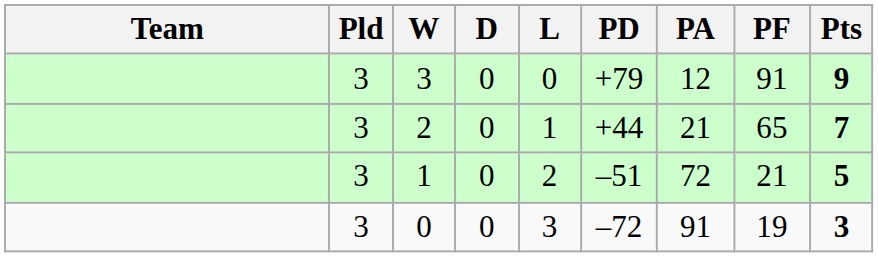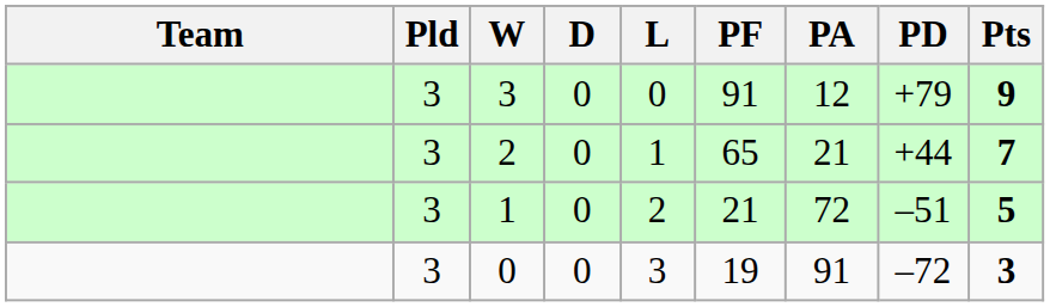 <table class="wikitable" style="text-align:center;">
 <tr>
 <th width="160">Team</th>
 <th width="25" abbr="Played">Pld</th>
 <th width="25" abbr="Won">W</th>
 <th width="25" abbr="Drawn">D</th>
 <th width="25" abbr="Lost">L</th>
+<th width="32" abbr="Points for">PF</th>
+<th width="32" abbr="Points against">PA</th>
 <th width="32" abbr="Points difference">PD</th>
-<th width="32" abbr="Points against">PA</th>
-<th width="32" abbr="Points for">PF</th>
 <th width="25" abbr="Points">Pts</th>
 </tr>
 <tr bgcolor="ccffcc">
 <td align="left"></td>
 <td>3</td>
 <td>3</td>
 <td>0</td>
 <td>0</td>
+<td>91</td>
+<td>12</td>
 <td>+79</td>
-<td>12</td>
-<td>91</td>
 <td><strong>9</strong></td>
 </tr>
 <tr bgcolor="ccffcc">
 <td align="left"></td>
 <td>3</td>
 <td>2</td>
 <td>0</td>
 <td>1</td>
+<td>65</td>
+<td>21</td>
 <td>+44</td>
-<td>21</td>
-<td>65</td>
 <td><strong>7</strong></td>
 </tr>
 <tr bgcolor="ccffcc">
 <td align="left"></td>
 <td>3</td>
 <td>1</td>
 <td>0</td>
 <td>2</td>
+<td>21</td>
+<td>72</td>
 <td>–51</td>
-<td>72</td>
-<td>21</td>
 <td><strong>5</strong></td>
 </tr>
 <tr>
 <td align="left"></td>
 <td>3</td>
 <td>0</td>
 <td>0</td>
 <td>3</td>
+<td>19</td>
+<td>91</td>
 <td>–72</td>
-<td>91</td>
-<td>19</td>
 <td><strong>3</strong></td>
 </tr>
 </table>
